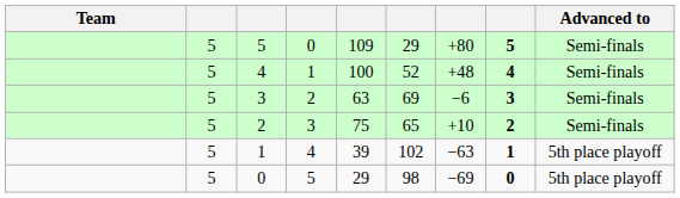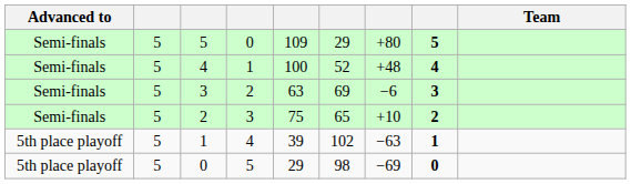 <table class="wikitable" style="text-align:center;">
 <tr>
-<th width=165>Team</th>
+<th width=125>Advanced to</th>
 <th width=40></th>
 <th width=40></th>
 <th width=40></th>
 <th width=40></th>
 <th width=40></th>
 <th width=40></th>
 <th width=40></th>
-<th width=125>Advanced to</th>
+<th width=165>Team</th>
 </tr>
 <tr style="background:#cfc">
-<td style="text-align:left;"></td>
+<td>Semi-finals</td>
 <td>5</td>
 <td>5</td>
 <td>0</td>
 <td>109</td>
 <td>29</td>
 <td>+80</td>
 <td><strong>5</strong></td>
-<td>Semi-finals</td>
+<td style="text-align:left;"></td>
 </tr>
 <tr style="background:#cfc">
-<td style="text-align:left;"></td>
+<td>Semi-finals</td>
 <td>5</td>
 <td>4</td>
 <td>1</td>
 <td>100</td>
 <td>52</td>
 <td>+48</td>
 <td><strong>4</strong></td>
-<td>Semi-finals</td>
+<td style="text-align:left;"></td>
 </tr>
 <tr style="background:#cfc">
-<td style="text-align:left;"></td>
+<td>Semi-finals</td>
 <td>5</td>
 <td>3</td>
 <td>2</td>
 <td>63</td>
 <td>69</td>
 <td>−6</td>
 <td><strong>3</strong></td>
-<td>Semi-finals</td>
+<td style="text-align:left;"></td>
 </tr>
 <tr style="background:#cfc">
-<td style="text-align:left;"></td>
+<td>Semi-finals</td>
 <td>5</td>
 <td>2</td>
 <td>3</td>
 <td>75</td>
 <td>65</td>
 <td>+10</td>
 <td><strong>2</strong></td>
-<td>Semi-finals</td>
+<td style="text-align:left;"></td>
 </tr>
 <tr>
-<td style="text-align:left;"></td>
+<td>5th place playoff</td>
 <td>5</td>
 <td>1</td>
 <td>4</td>
 <td>39</td>
 <td>102</td>
 <td>−63</td>
 <td><strong>1</strong></td>
-<td>5th place playoff</td>
+<td style="text-align:left;"></td>
 </tr>
 <tr>
-<td style="text-align:left;"></td>
+<td>5th place playoff</td>
 <td>5</td>
 <td>0</td>
 <td>5</td>
 <td>29</td>
 <td>98</td>
 <td>−69</td>
 <td><strong>0</strong></td>
-<td>5th place playoff</td>
+<td style="text-align:left;"></td>
 </tr>
 </table>
